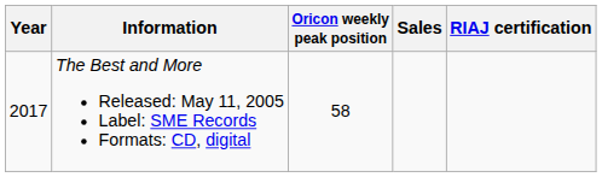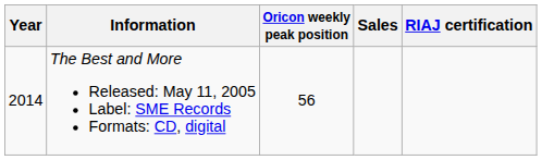 <table class="wikitable">
 <tr>
 <th>Year</th>
 <th>Information</th>
 <th><small><a href='#'>Oricon</a> weekly<br>peak position</small></th>
 <th>Sales<br></th>
 <th><a href='#'>RIAJ</a> certification</th>
 </tr>
 <tr>
-<td>2017</td>
+<td>2014</td>
 <td><em>The Best and More</em><br><ul><li>Released: May 11, 2005</li><li>Label: <a href='#'>SME Records</a></li><li>Formats: <a href='#'>CD</a>, <a href='#'>digital</a></li></ul></td>
-<td style="text-align:center;">58</td>
+<td style="text-align:center;">56</td>
 <td align="left"></td>
 <td align="left"></td>
 </tr>
 </table>
